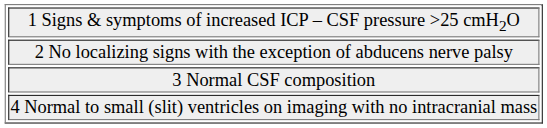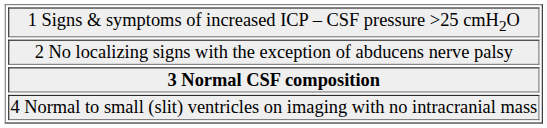 <table border="1" align="center" style="text-align: center; background: #FFFFFF;">
 <tr bgcolor="#EFEFEF">
 <td>1	Signs & symptoms of increased ICP – CSF pressure >25 cmH<sub>2</sub>O</td>
 </tr>
 <tr bgcolor="#EFEFEF">
 <td>2	No localizing signs with the exception of abducens nerve palsy</td>
 </tr>
 <tr bgcolor="#EFEFEF">
-<td>3	Normal CSF composition</td>
+<td><strong>3	Normal CSF composition</strong></td>
 </tr>
 <tr bgcolor="#EFEFEF">
 <td>4	Normal to small (slit) ventricles on imaging with no intracranial mass</td>
 </tr>
 </table>
